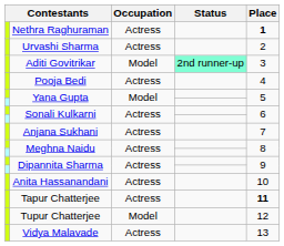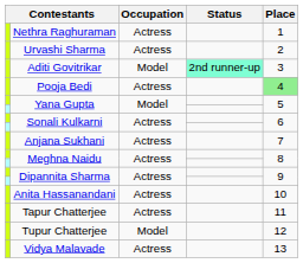 <table class="wikitable sortable" style="text-align:center;">
 <tr>
 <th colspan="2">Contestants</th>
 <th>Occupation</th>
 <th>Status</th>
 <th>Place</th>
 </tr>
 <tr>
 <td style="background:#D0FF14;"></td>
 <td><a href='#'>Nethra Raghuraman</a></td>
 <td>Actress</td>
 <td></td>
-<td><strong>1</strong></td>
+<td>1</td>
 </tr>
 <tr>
 <td style="background:#D0FF14;"></td>
 <td><a href='#'>Urvashi Sharma</a></td>
 <td>Actress</td>
 <td></td>
 <td>2</td>
 </tr>
 <tr>
 <td style="background:#D0FF14;"></td>
 <td><a href='#'>Aditi Govitrikar</a></td>
 <td>Model</td>
 <td bgcolor="#7FFFD4">2nd runner-up</td>
 <td>3</td>
 </tr>
 <tr>
 <td style="background:#D0FF14;"></td>
 <td><a href='#'>Pooja Bedi</a></td>
 <td>Actress</td>
 <td></td>
-<td>4</td>
+<td style="background: lightgreen;">4</td>
 </tr>
 <tr>
 <td style="background:#D0FF14;"></td>
 <td rowspan="2"><a href='#'>Yana Gupta</a></td>
 <td rowspan="2">Model</td>
 <td></td>
 <td rowspan="2">5</td>
 </tr>
 <tr>
 <td style="background:#B2FFFF;"></td>
 <td></td>
 </tr>
 <tr>
 <td style="background:#D0FF14;"></td>
 <td rowspan="2"><a href='#'>Sonali Kulkarni</a></td>
 <td rowspan="2">Actress</td>
 <td></td>
 <td rowspan="2">6</td>
 </tr>
 <tr>
 <td style="background:#B2FFFF;"></td>
 <td></td>
 </tr>
 <tr>
 <td style="background:#D0FF14;"></td>
 <td><a href='#'>Anjana Sukhani</a></td>
 <td>Actress</td>
 <td></td>
 <td>7</td>
 </tr>
 <tr>
 <td style="background:#D0FF14;"></td>
 <td rowspan="2"><a href='#'>Meghna Naidu</a></td>
 <td rowspan="2">Actress</td>
 <td></td>
 <td rowspan="2">8</td>
 </tr>
 <tr>
 <td style="background:#B2FFFF;"></td>
 <td></td>
 </tr>
 <tr>
 <td style="background:#D0FF14;"></td>
 <td rowspan="2"><a href='#'>Dipannita Sharma</a></td>
 <td rowspan="2">Actress</td>
 <td></td>
 <td rowspan="2">9</td>
 </tr>
 <tr>
 <td style="background:#B2FFFF;"></td>
 <td></td>
 </tr>
 <tr>
 <td style="background:#D0FF14;"></td>
 <td><a href='#'>Anita Hassanandani</a></td>
 <td>Actress</td>
 <td></td>
 <td>10</td>
 </tr>
 <tr>
 <td style="background:#D0FF14;"></td>
 <td>Tapur Chatterjee</td>
 <td>Actress</td>
 <td></td>
-<td><strong>11</strong></td>
+<td>11</td>
 </tr>
 <tr>
 <td style="background:#D0FF14;"></td>
 <td>Tupur Chatterjee</td>
 <td>Model</td>
 <td></td>
 <td>12</td>
 </tr>
 <tr>
 <td style="background:#D0FF14;"></td>
 <td><a href='#'>Vidya Malavade</a></td>
 <td>Actress</td>
 <td></td>
 <td>13</td>
 </tr>
 </table>
